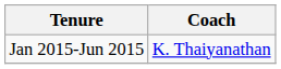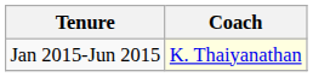 <table class="wikitable" style="font-size:89%;">
 <tr>
 <th>Tenure</th>
 <th>Coach</th>
 </tr>
 <tr>
 <td>Jan 2015-Jun 2015</td>
-<td> <a href='#'>K. Thaiyanathan</a></td>
+<td style="background: lightyellow;"> <a href='#'>K. Thaiyanathan</a></td>
 </tr>
 <tr>
 </tr>
 </table>
